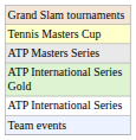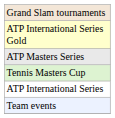 <table class="wikitable"  style="font-size:95%; width:13%;">
 <tr bgcolor=#F3E6D7>
 <td>Grand Slam tournaments</td>
 </tr>
 <tr bgcolor="#ffffcc">
-<td>Tennis Masters Cup</td>
+<td>ATP International Series Gold</td>
 </tr>
 <tr bgcolor=#E9E9E9>
 <td>ATP Masters Series</td>
 </tr>
 <tr bgcolor=#DDF3D1>
-<td>ATP International Series Gold</td>
+<td>Tennis Masters Cup</td>
 </tr>
 <tr bgcolor=#FFFFFF>
 <td>ATP International Series</td>
 </tr>
 <tr bgcolor=#ECF2FF>
 <td>Team events</td>
 </tr>
 <tr>
 </tr>
 </table>
